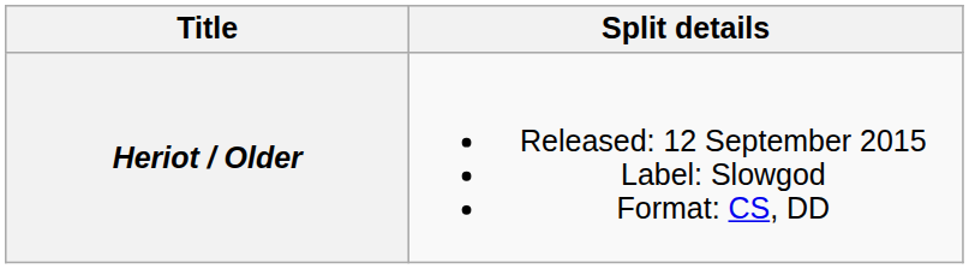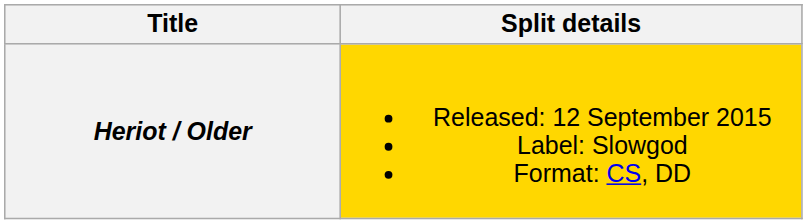 <table class="wikitable plainrowheaders" style="text-align:center;" border="1">
 <tr>
 <th scope="col" style="width:13em;">Title</th>
 <th scope="col" style="width:18em;">Split details</th>
 </tr>
 <tr>
 <th scope="row"><em>Heriot / Older</em></th>
-<td><br><ul><li>Released: 12 September 2015</li><li>Label: Slowgod</li><li>Format: <a href='#'>CS</a>, DD</li></ul></td>
+<td style="background: gold;"><br><ul><li>Released: 12 September 2015</li><li>Label: Slowgod</li><li>Format: <a href='#'>CS</a>, DD</li></ul></td>
 </tr>
 </table>
